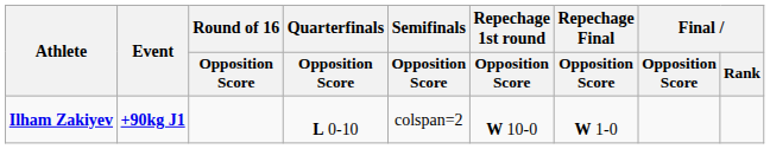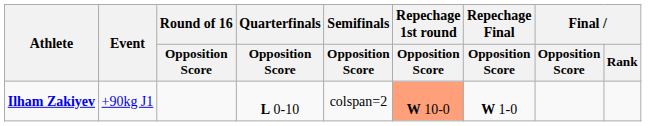 <table class=wikitable style="font-size:90%">
 <tr>
 <th rowspan=2>Athlete</th>
 <th rowspan=2>Event</th>
 <th>Round of 16</th>
 <th>Quarterfinals</th>
 <th>Semifinals</th>
 <th>Repechage<br>1st round</th>
 <th>Repechage<br>Final</th>
 <th colspan=2>Final / </th>
 </tr>
 <tr style="font-size:95%">
 <th>Opposition<br>Score</th>
 <th>Opposition<br>Score</th>
 <th>Opposition<br>Score</th>
 <th>Opposition<br>Score</th>
 <th>Opposition<br>Score</th>
 <th>Opposition<br>Score</th>
 <th>Rank</th>
 </tr>
 <tr align=center>
 <td align=left><strong><a href='#'>Ilham Zakiyev</a></strong></td>
-<td align=left><strong><a href='#'>+90kg J1</a></strong></td>
+<td align=left><a href='#'>+90kg J1</a></td>
 <td></td>
 <td><br><strong>L</strong> 0-10</td>
 <td>colspan=2 </td>
-<td><br><strong>W</strong> 10-0</td>
+<td style="background: lightsalmon;"><br><strong>W</strong> 10-0</td>
 <td><br><strong>W</strong> 1-0</td>
 <td></td>
 </tr>
 </table>
